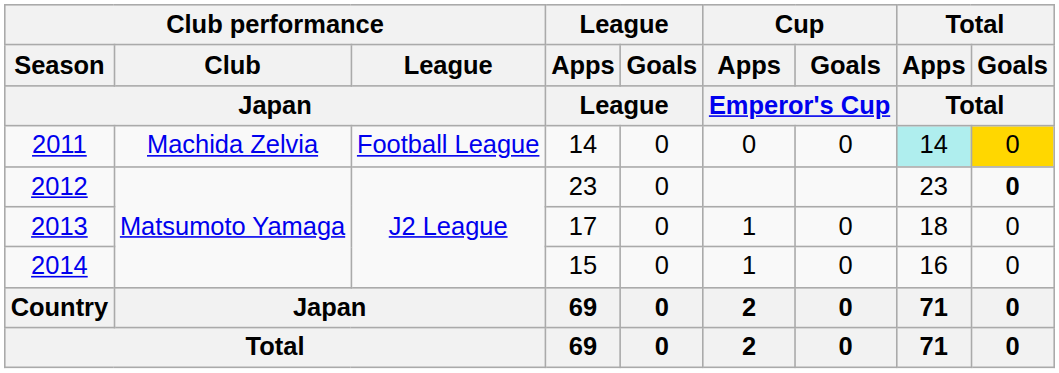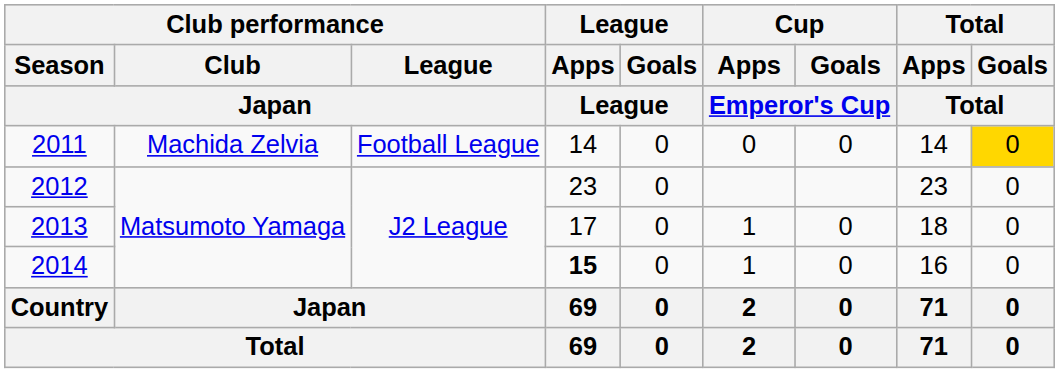 <table class="wikitable" style="text-align:center;">
 <tr>
 <th colspan=3>Club performance</th>
 <th colspan=2>League</th>
 <th colspan=2>Cup</th>
 <th colspan=2>Total</th>
 </tr>
 <tr>
 <th>Season</th>
 <th>Club</th>
 <th>League</th>
 <th>Apps</th>
 <th>Goals</th>
 <th>Apps</th>
 <th>Goals</th>
 <th>Apps</th>
 <th>Goals</th>
 </tr>
 <tr>
 <th colspan=3>Japan</th>
 <th colspan=2>League</th>
 <th colspan=2><a href='#'>Emperor's Cup</a></th>
 <th colspan=2>Total</th>
 </tr>
 <tr>
 <td><a href='#'>2011</a></td>
 <td><a href='#'>Machida Zelvia</a></td>
 <td><a href='#'>Football League</a></td>
 <td>14</td>
 <td>0</td>
 <td>0</td>
 <td>0</td>
-<td style="background: paleturquoise;">14</td>
+<td>14</td>
 <td style="background: gold;">0</td>
 </tr>
 <tr>
 <td><a href='#'>2012</a></td>
 <td rowspan="3"><a href='#'>Matsumoto Yamaga</a></td>
 <td rowspan="3"><a href='#'>J2 League</a></td>
 <td>23</td>
 <td>0</td>
 <td></td>
 <td></td>
 <td>23</td>
-<td><strong>0</strong></td>
+<td>0</td>
 </tr>
 <tr>
 <td><a href='#'>2013</a></td>
 <td>17</td>
 <td>0</td>
 <td>1</td>
 <td>0</td>
 <td>18</td>
 <td>0</td>
 </tr>
 <tr>
 <td><a href='#'>2014</a></td>
-<td>15</td>
+<td><strong>15</strong></td>
 <td>0</td>
 <td>1</td>
 <td>0</td>
 <td>16</td>
 <td>0</td>
 </tr>
 <tr>
 <th rowspan=1>Country</th>
 <th colspan=2>Japan</th>
 <th>69</th>
 <th>0</th>
 <th>2</th>
 <th>0</th>
 <th>71</th>
 <th>0</th>
 </tr>
 <tr>
 <th colspan=3>Total</th>
 <th>69</th>
 <th>0</th>
 <th>2</th>
 <th>0</th>
 <th>71</th>
 <th>0</th>
 </tr>
 </table>
